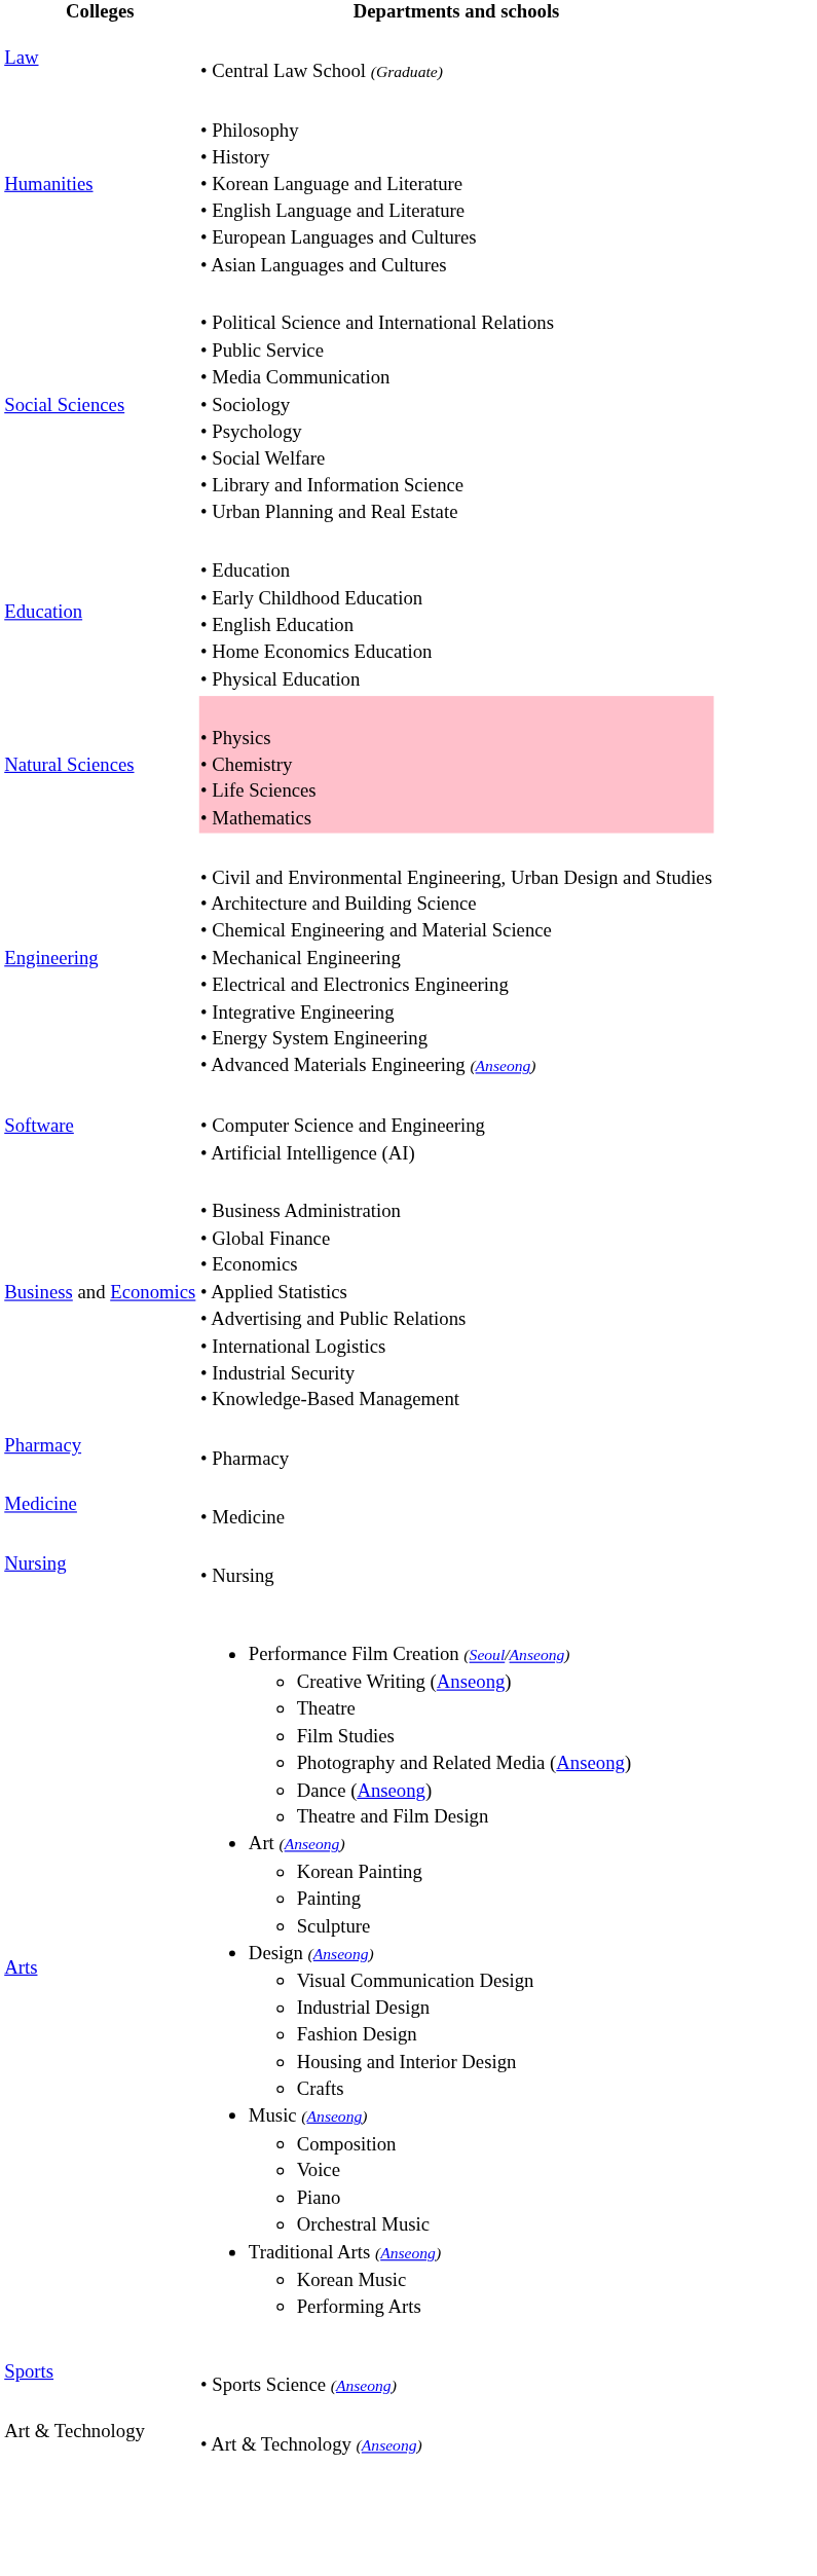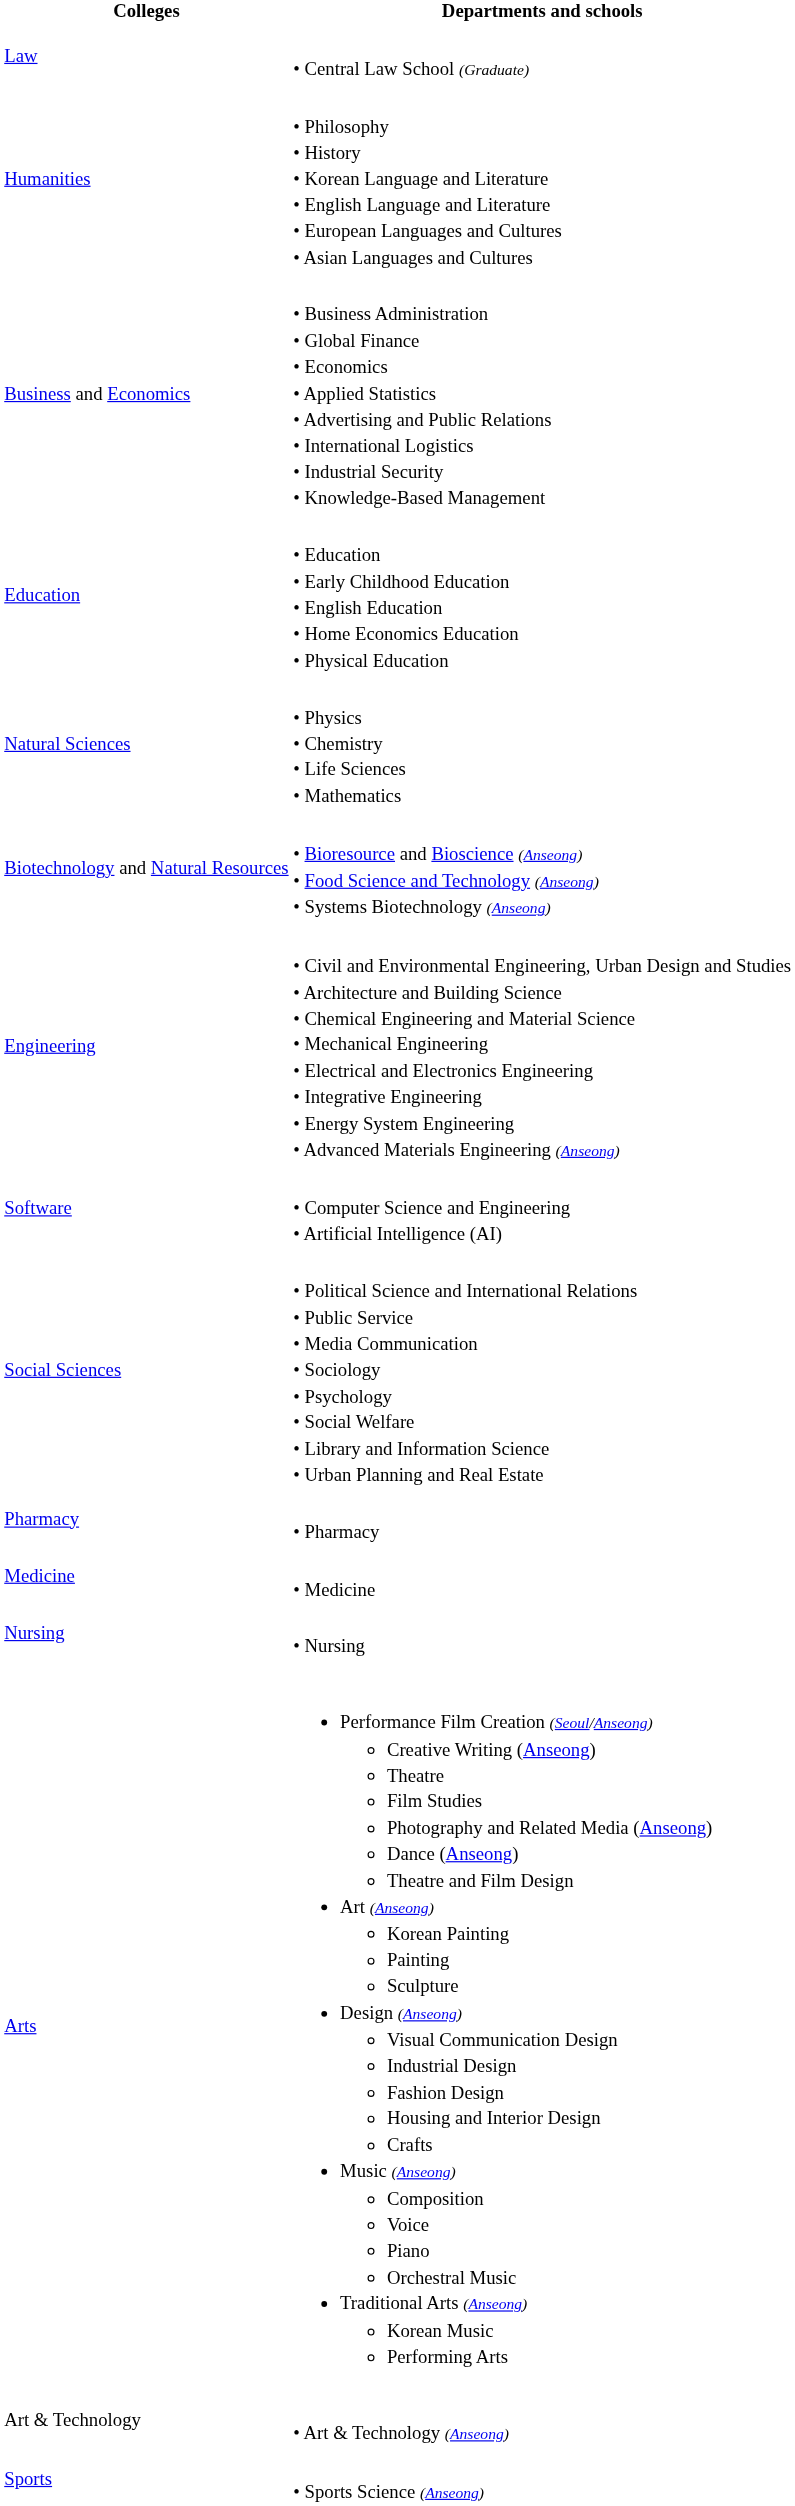 <table class="toccolours" style="margin-left:1em; line-height:1.4em">
 <tr>
 <th>Colleges</th>
 <th>Departments and schools</th>
 </tr>
 <tr>
 <td><a href='#'>Law</a></td>
 <td><br>• Central Law School <small><em>(Graduate)</em></small></td>
 </tr>
 <tr>
 <td><a href='#'>Humanities</a></td>
 <td><br>• Philosophy<br> • History<br> • Korean Language and Literature<br> • English Language and Literature<br> • European Languages and Cultures<br> • Asian Languages and Cultures</td>
 </tr>
 <tr>
-<td><a href='#'>Social Sciences</a></td>
-<td><br>• Political Science and International Relations<br> • Public Service<br> • Media Communication<br> • Sociology<br> • Psychology<br> • Social Welfare<br> • Library and Information Science<br> • Urban Planning and Real Estate</td>
+<td><a href='#'>Business</a> and <a href='#'>Economics</a></td>
+<td><br>• Business Administration<br> • Global Finance<br> • Economics<br> • Applied Statistics <br> • Advertising and Public Relations<br> • International Logistics<br> • Industrial Security<br> • Knowledge-Based Management</td>
 </tr>
 <tr>
 <td><a href='#'>Education</a></td>
 <td><br>• Education<br> • Early Childhood Education<br> • English Education<br> • Home Economics Education<br> • Physical Education</td>
 </tr>
 <tr>
 <td><a href='#'>Natural Sciences</a></td>
-<td style="background: pink;"><br>• Physics <br> • Chemistry<br> • Life Sciences<br> • Mathematics</td>
+<td><br>• Physics <br> • Chemistry<br> • Life Sciences<br> • Mathematics</td>
+</tr>
+<tr>
+<td><a href='#'>Biotechnology</a> and <a href='#'>Natural Resources</a></td>
+<td><br>• <a href='#'>Bioresource</a> and <a href='#'>Bioscience</a> <small><em>(<a href='#'>Anseong</a>)</em></small><br> • <a href='#'>Food Science and Technology</a> <small><em>(<a href='#'>Anseong</a>)</em></small><br> • Systems Biotechnology <small><em>(<a href='#'>Anseong</a>)</em></small></td>
 </tr>
 <tr>
 <td><a href='#'>Engineering</a></td>
 <td><br>• Civil and Environmental Engineering, Urban Design and Studies<br> • Architecture and Building Science<br> • Chemical Engineering and Material Science<br> • Mechanical Engineering<br> • Electrical and Electronics Engineering<br> • Integrative Engineering<br> • Energy System Engineering<br> • Advanced Materials Engineering <small><em>(<a href='#'>Anseong</a>)</em></small></td>
 </tr>
 <tr>
 <td><a href='#'>Software</a></td>
 <td><br>• Computer Science and Engineering <br> • Artificial Intelligence (AI)</td>
 </tr>
 <tr>
-<td><a href='#'>Business</a> and <a href='#'>Economics</a></td>
-<td><br>• Business Administration<br> • Global Finance<br> • Economics<br> • Applied Statistics <br> • Advertising and Public Relations<br> • International Logistics<br> • Industrial Security<br> • Knowledge-Based Management</td>
+<td><a href='#'>Social Sciences</a></td>
+<td><br>• Political Science and International Relations<br> • Public Service<br> • Media Communication<br> • Sociology<br> • Psychology<br> • Social Welfare<br> • Library and Information Science<br> • Urban Planning and Real Estate</td>
 </tr>
 <tr>
 <td><a href='#'>Pharmacy</a></td>
 <td><br>• Pharmacy</td>
 </tr>
 <tr>
 <td><a href='#'>Medicine</a></td>
 <td><br>• Medicine</td>
 </tr>
 <tr>
 <td><a href='#'>Nursing</a></td>
 <td><br>• Nursing</td>
 </tr>
 <tr>
 <td><a href='#'>Arts</a></td>
 <td><br><ul><li>Performance Film Creation <small><em>(<a href='#'>Seoul</a>/<a href='#'>Anseong</a>)</em></small><ul><li>Creative Writing (<a href='#'>Anseong</a>)</li><li>Theatre</li><li>Film Studies</li><li>Photography and Related Media (<a href='#'>Anseong</a>)</li><li>Dance (<a href='#'>Anseong</a>)</li><li>Theatre and Film Design</li></ul></li><li>Art <small><em>(<a href='#'>Anseong</a>)</em></small><ul><li>Korean Painting</li><li>Painting</li><li>Sculpture</li></ul></li><li>Design <small><em>(<a href='#'>Anseong</a>)</em></small><ul><li>Visual Communication Design</li><li>Industrial Design</li><li>Fashion Design</li><li>Housing and Interior Design</li><li>Crafts</li></ul></li><li>Music <small><em>(<a href='#'>Anseong</a>)</em></small><ul><li>Composition</li><li>Voice</li><li>Piano</li><li>Orchestral Music</li></ul></li><li>Traditional Arts <small><em>(<a href='#'>Anseong</a>)</em></small><ul><li>Korean Music</li><li>Performing Arts</li></ul></li></ul></td>
 </tr>
 <tr>
+<td>Art & Technology</td>
+<td><br>• Art & Technology <small><em>(<a href='#'>Anseong</a>)</em></small></td>
+</tr>
+<tr>
 <td><a href='#'>Sports</a></td>
 <td><br>• Sports Science <small><em>(<a href='#'>Anseong</a>)</em></small></td>
 </tr>
-<tr>
-<td>Art & Technology</td>
-<td><br>• Art & Technology <small><em>(<a href='#'>Anseong</a>)</em></small></td>
-</tr>
 </table>
